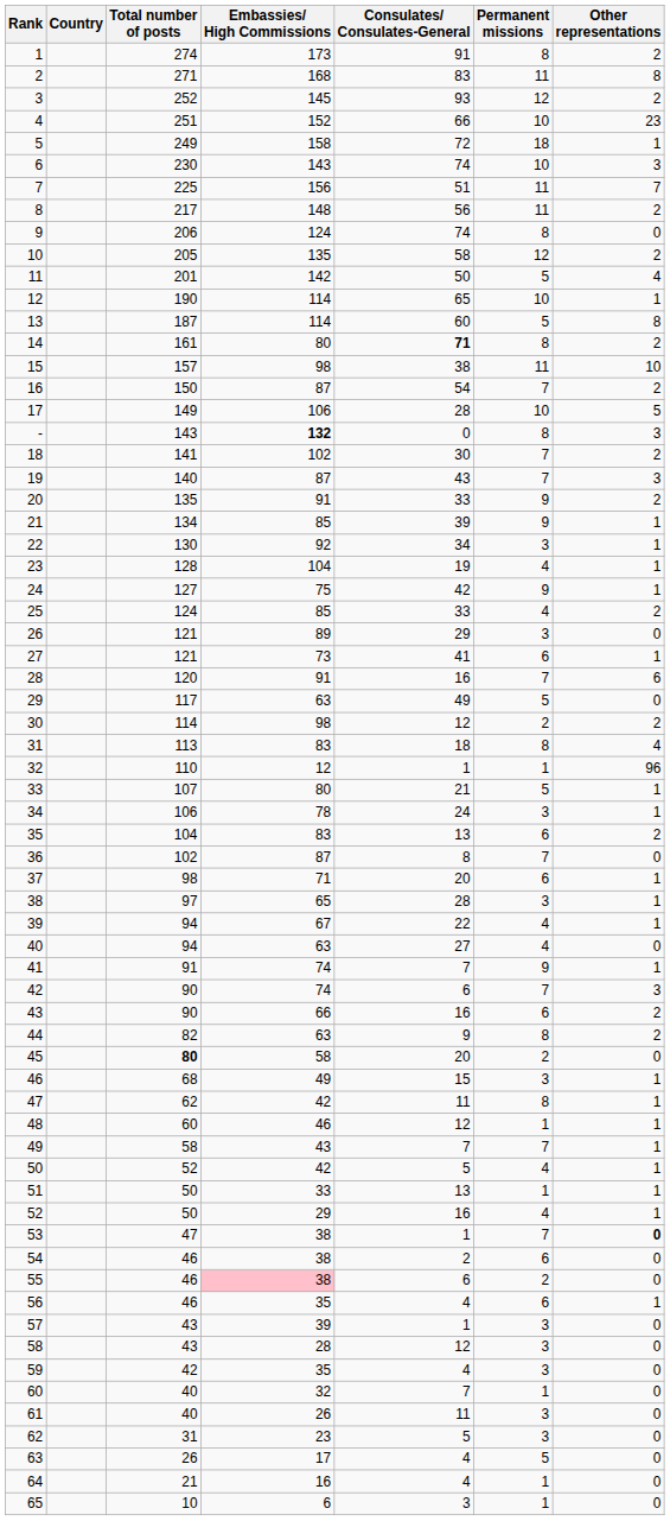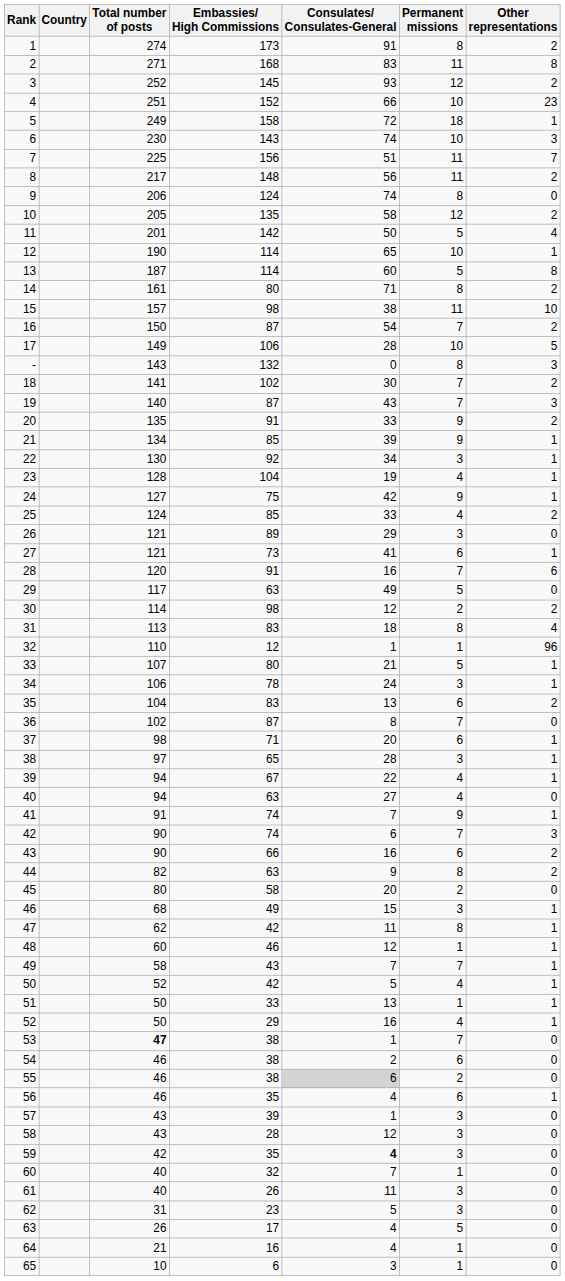 <table class="wikitable sortable col2left" style="text-align:right;">
 <tr>
 <th>Rank</th>
 <th>Country</th>
 <th>Total number<br>of posts</th>
 <th>Embassies/<br>High Commissions</th>
 <th>Consulates/<br>Consulates-General</th>
 <th>Permanent<br>missions</th>
 <th>Other<br>representations</th>
 </tr>
 <tr>
 <td>1</td>
 <td></td>
 <td>274</td>
 <td>173</td>
 <td>91</td>
 <td>8</td>
 <td>2</td>
 </tr>
 <tr>
 <td>2</td>
 <td></td>
 <td>271</td>
 <td>168</td>
 <td>83</td>
 <td>11</td>
 <td>8</td>
 </tr>
 <tr>
 <td>3</td>
 <td></td>
 <td>252</td>
 <td>145</td>
 <td>93</td>
 <td>12</td>
 <td>2</td>
 </tr>
 <tr>
 <td>4</td>
 <td></td>
 <td>251</td>
 <td>152</td>
 <td>66</td>
 <td>10</td>
 <td>23</td>
 </tr>
 <tr>
 <td>5</td>
 <td></td>
 <td>249</td>
 <td>158</td>
 <td>72</td>
 <td>18</td>
 <td>1</td>
 </tr>
 <tr>
 <td>6</td>
 <td></td>
 <td>230</td>
 <td>143</td>
 <td>74</td>
 <td>10</td>
 <td>3</td>
 </tr>
 <tr>
 <td>7</td>
 <td></td>
 <td>225</td>
 <td>156</td>
 <td>51</td>
 <td>11</td>
 <td>7</td>
 </tr>
 <tr>
 <td>8</td>
 <td></td>
 <td>217</td>
 <td>148</td>
 <td>56</td>
 <td>11</td>
 <td>2</td>
 </tr>
 <tr>
 <td>9</td>
 <td></td>
 <td>206</td>
 <td>124</td>
 <td>74</td>
 <td>8</td>
 <td>0</td>
 </tr>
 <tr>
 <td>10</td>
 <td></td>
 <td>205</td>
 <td>135</td>
 <td>58</td>
 <td>12</td>
 <td>2</td>
 </tr>
 <tr>
 <td>11</td>
 <td></td>
 <td>201</td>
 <td>142</td>
 <td>50</td>
 <td>5</td>
 <td>4</td>
 </tr>
 <tr>
 <td>12</td>
 <td></td>
 <td>190</td>
 <td>114</td>
 <td>65</td>
 <td>10</td>
 <td>1</td>
 </tr>
 <tr>
 <td>13</td>
 <td></td>
 <td>187</td>
 <td>114</td>
 <td>60</td>
 <td>5</td>
 <td>8</td>
 </tr>
 <tr>
 <td>14</td>
 <td></td>
 <td>161</td>
 <td>80</td>
-<td><strong>71</strong></td>
+<td>71</td>
 <td>8</td>
 <td>2</td>
 </tr>
 <tr>
 <td>15</td>
 <td></td>
 <td>157</td>
 <td>98</td>
 <td>38</td>
 <td>11</td>
 <td>10</td>
 </tr>
 <tr>
 <td>16</td>
 <td></td>
 <td>150</td>
 <td>87</td>
 <td>54</td>
 <td>7</td>
 <td>2</td>
 </tr>
 <tr>
 <td>17</td>
 <td></td>
 <td>149</td>
 <td>106</td>
 <td>28</td>
 <td>10</td>
 <td>5</td>
 </tr>
 <tr>
 <td>-</td>
 <td></td>
 <td>143</td>
-<td><strong>132</strong></td>
+<td>132</td>
 <td>0</td>
 <td>8</td>
 <td>3</td>
 </tr>
 <tr>
 <td>18</td>
 <td></td>
 <td>141</td>
 <td>102</td>
 <td>30</td>
 <td>7</td>
 <td>2</td>
 </tr>
 <tr>
 <td>19</td>
 <td></td>
 <td>140</td>
 <td>87</td>
 <td>43</td>
 <td>7</td>
 <td>3</td>
 </tr>
 <tr>
 <td>20</td>
 <td></td>
 <td>135</td>
 <td>91</td>
 <td>33</td>
 <td>9</td>
 <td>2</td>
 </tr>
 <tr>
 <td>21</td>
 <td></td>
 <td>134</td>
 <td>85</td>
 <td>39</td>
 <td>9</td>
 <td>1</td>
 </tr>
 <tr>
 <td>22</td>
 <td></td>
 <td>130</td>
 <td>92</td>
 <td>34</td>
 <td>3</td>
 <td>1</td>
 </tr>
 <tr>
 <td>23</td>
 <td></td>
 <td>128</td>
 <td>104</td>
 <td>19</td>
 <td>4</td>
 <td>1</td>
 </tr>
 <tr>
 <td>24</td>
 <td></td>
 <td>127</td>
 <td>75</td>
 <td>42</td>
 <td>9</td>
 <td>1</td>
 </tr>
 <tr>
 <td>25</td>
 <td></td>
 <td>124</td>
 <td>85</td>
 <td>33</td>
 <td>4</td>
 <td>2</td>
 </tr>
 <tr>
 <td>26</td>
 <td></td>
 <td>121</td>
 <td>89</td>
 <td>29</td>
 <td>3</td>
 <td>0</td>
 </tr>
 <tr>
 <td>27</td>
 <td></td>
 <td>121</td>
 <td>73</td>
 <td>41</td>
 <td>6</td>
 <td>1</td>
 </tr>
 <tr>
 <td>28</td>
 <td></td>
 <td>120</td>
 <td>91</td>
 <td>16</td>
 <td>7</td>
 <td>6</td>
 </tr>
 <tr>
 <td>29</td>
 <td></td>
 <td>117</td>
 <td>63</td>
 <td>49</td>
 <td>5</td>
 <td>0</td>
 </tr>
 <tr>
 <td>30</td>
 <td></td>
 <td>114</td>
 <td>98</td>
 <td>12</td>
 <td>2</td>
 <td>2</td>
 </tr>
 <tr>
 <td>31</td>
 <td></td>
 <td>113</td>
 <td>83</td>
 <td>18</td>
 <td>8</td>
 <td>4</td>
 </tr>
 <tr>
 <td>32</td>
 <td></td>
 <td>110</td>
 <td>12</td>
 <td>1</td>
 <td>1</td>
 <td>96</td>
 </tr>
 <tr>
 <td>33</td>
 <td></td>
 <td>107</td>
 <td>80</td>
 <td>21</td>
 <td>5</td>
 <td>1</td>
 </tr>
 <tr>
 <td>34</td>
 <td></td>
 <td>106</td>
 <td>78</td>
 <td>24</td>
 <td>3</td>
 <td>1</td>
 </tr>
 <tr>
 <td>35</td>
 <td></td>
 <td>104</td>
 <td>83</td>
 <td>13</td>
 <td>6</td>
 <td>2</td>
 </tr>
 <tr>
 <td>36</td>
 <td></td>
 <td>102</td>
 <td>87</td>
 <td>8</td>
 <td>7</td>
 <td>0</td>
 </tr>
 <tr>
 <td>37</td>
 <td></td>
 <td>98</td>
 <td>71</td>
 <td>20</td>
 <td>6</td>
 <td>1</td>
 </tr>
 <tr>
 <td>38</td>
 <td></td>
 <td>97</td>
 <td>65</td>
 <td>28</td>
 <td>3</td>
 <td>1</td>
 </tr>
 <tr>
 <td>39</td>
 <td></td>
 <td>94</td>
 <td>67</td>
 <td>22</td>
 <td>4</td>
 <td>1</td>
 </tr>
 <tr>
 <td>40</td>
 <td></td>
 <td>94</td>
 <td>63</td>
 <td>27</td>
 <td>4</td>
 <td>0</td>
 </tr>
 <tr>
 <td>41</td>
 <td></td>
 <td>91</td>
 <td>74</td>
 <td>7</td>
 <td>9</td>
 <td>1</td>
 </tr>
 <tr>
 <td>42</td>
 <td></td>
 <td>90</td>
 <td>74</td>
 <td>6</td>
 <td>7</td>
 <td>3</td>
 </tr>
 <tr>
 <td>43</td>
 <td></td>
 <td>90</td>
 <td>66</td>
 <td>16</td>
 <td>6</td>
 <td>2</td>
 </tr>
 <tr>
 <td>44</td>
 <td></td>
 <td>82</td>
 <td>63</td>
 <td>9</td>
 <td>8</td>
 <td>2</td>
 </tr>
 <tr>
 <td>45</td>
 <td></td>
-<td><strong>80</strong></td>
+<td>80</td>
 <td>58</td>
 <td>20</td>
 <td>2</td>
 <td>0</td>
 </tr>
 <tr>
 <td>46</td>
 <td></td>
 <td>68</td>
 <td>49</td>
 <td>15</td>
 <td>3</td>
 <td>1</td>
 </tr>
 <tr>
 <td>47</td>
 <td></td>
 <td>62</td>
 <td>42</td>
 <td>11</td>
 <td>8</td>
 <td>1</td>
 </tr>
 <tr>
 <td>48</td>
 <td></td>
 <td>60</td>
 <td>46</td>
 <td>12</td>
 <td>1</td>
 <td>1</td>
 </tr>
 <tr>
 <td>49</td>
 <td></td>
 <td>58</td>
 <td>43</td>
 <td>7</td>
 <td>7</td>
 <td>1</td>
 </tr>
 <tr>
 <td>50</td>
 <td></td>
 <td>52</td>
 <td>42</td>
 <td>5</td>
 <td>4</td>
 <td>1</td>
 </tr>
 <tr>
 <td>51</td>
 <td></td>
 <td>50</td>
 <td>33</td>
 <td>13</td>
 <td>1</td>
 <td>1</td>
 </tr>
 <tr>
 <td>52</td>
 <td></td>
 <td>50</td>
 <td>29</td>
 <td>16</td>
 <td>4</td>
 <td>1</td>
 </tr>
 <tr>
 <td>53</td>
 <td></td>
-<td>47</td>
+<td><strong>47</strong></td>
 <td>38</td>
 <td>1</td>
 <td>7</td>
-<td><strong>0</strong></td>
+<td>0</td>
 </tr>
 <tr>
 <td>54</td>
 <td></td>
 <td>46</td>
 <td>38</td>
 <td>2</td>
 <td>6</td>
 <td>0</td>
 </tr>
 <tr>
 <td>55</td>
 <td></td>
 <td>46</td>
-<td style="background: pink;">38</td>
-<td>6</td>
+<td>38</td>
+<td style="background: lightgrey;">6</td>
 <td>2</td>
 <td>0</td>
 </tr>
 <tr>
 <td>56</td>
 <td></td>
 <td>46</td>
 <td>35</td>
 <td>4</td>
 <td>6</td>
 <td>1</td>
 </tr>
 <tr>
 <td>57</td>
 <td></td>
 <td>43</td>
 <td>39</td>
 <td>1</td>
 <td>3</td>
 <td>0</td>
 </tr>
 <tr>
 <td>58</td>
 <td></td>
 <td>43</td>
 <td>28</td>
 <td>12</td>
 <td>3</td>
 <td>0</td>
 </tr>
 <tr>
 <td>59</td>
 <td></td>
 <td>42</td>
 <td>35</td>
-<td>4</td>
+<td><strong>4</strong></td>
 <td>3</td>
 <td>0</td>
 </tr>
 <tr>
 <td>60</td>
 <td></td>
 <td>40</td>
 <td>32</td>
 <td>7</td>
 <td>1</td>
 <td>0</td>
 </tr>
 <tr>
 <td>61</td>
 <td></td>
 <td>40</td>
 <td>26</td>
 <td>11</td>
 <td>3</td>
 <td>0</td>
 </tr>
 <tr>
 <td>62</td>
 <td></td>
 <td>31</td>
 <td>23</td>
 <td>5</td>
 <td>3</td>
 <td>0</td>
 </tr>
 <tr>
 <td>63</td>
 <td></td>
 <td>26</td>
 <td>17</td>
 <td>4</td>
 <td>5</td>
 <td>0</td>
 </tr>
 <tr>
 <td>64</td>
 <td></td>
 <td>21</td>
 <td>16</td>
 <td>4</td>
 <td>1</td>
 <td>0</td>
 </tr>
 <tr>
 <td>65</td>
 <td></td>
 <td>10</td>
 <td>6</td>
 <td>3</td>
 <td>1</td>
 <td>0</td>
 </tr>
 </table>
